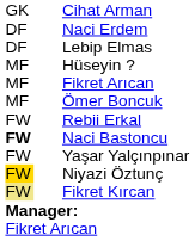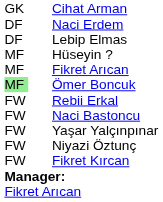 <table cellspacing="0" cellpadding="0" style="font-size:90%; margin:0.2em auto;">
 <tr>
 <th width="25"></th>
 <th width="25"></th>
 </tr>
 <tr>
 <td>GK</td>
 <td><strong> </strong></td>
 <td> <a href='#'>Cihat Arman</a></td>
 </tr>
 <tr>
 <td>DF</td>
 <td><strong> </strong></td>
 <td> <a href='#'>Naci Erdem</a></td>
 </tr>
 <tr>
 <td>DF</td>
 <td><strong> </strong></td>
 <td> Lebip Elmas</td>
 </tr>
 <tr>
 <td>MF</td>
 <td><strong> </strong></td>
 <td> Hüseyin ?</td>
 </tr>
 <tr>
 <td>MF</td>
 <td><strong> </strong></td>
 <td> <a href='#'>Fikret Arıcan</a></td>
 </tr>
 <tr>
-<td>MF</td>
+<td style="background: lightgreen;">MF</td>
 <td><strong> </strong></td>
 <td> <a href='#'>Ömer Boncuk</a></td>
 </tr>
 <tr>
 <td>FW</td>
 <td><strong> </strong></td>
 <td> <a href='#'>Rebii Erkal</a></td>
 </tr>
 <tr>
-<td><strong>FW</strong></td>
+<td>FW</td>
 <td><strong> </strong></td>
 <td> <a href='#'>Naci Bastoncu</a></td>
 </tr>
 <tr>
 <td>FW</td>
 <td><strong> </strong></td>
 <td> Yaşar Yalçınpınar</td>
 </tr>
 <tr>
-<td style="background: gold;">FW</td>
+<td>FW</td>
 <td><strong> </strong></td>
 <td> Niyazi Öztunç</td>
 </tr>
 <tr>
-<td style="background: khaki;">FW</td>
+<td>FW</td>
 <td><strong> </strong></td>
 <td> <a href='#'>Fikret Kırcan</a></td>
 </tr>
 <tr>
 <td colspan=3><strong>Manager:</strong></td>
 </tr>
 <tr>
 <td colspan=4> <a href='#'>Fikret Arıcan</a></td>
 </tr>
 </table>
